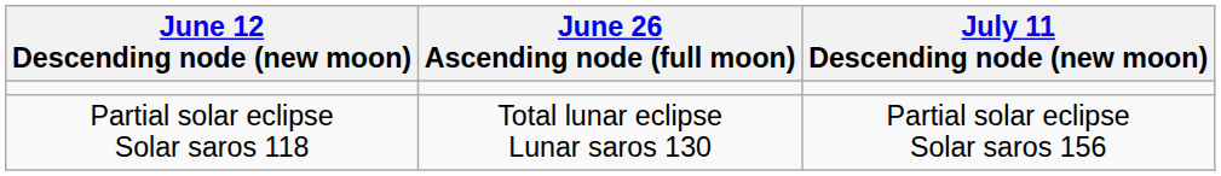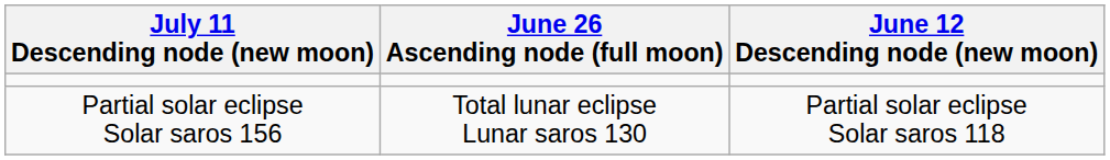 <table class="wikitable">
 <tr>
+<th><a href='#'>July 11</a><br>Descending node (new moon)</th>
+<th><a href='#'>June 26</a><br>Ascending node (full moon)</th>
 <th><a href='#'>June 12</a><br>Descending node (new moon)</th>
-<th><a href='#'>June 26</a><br>Ascending node (full moon)</th>
-<th><a href='#'>July 11</a><br>Descending node (new moon)</th>
 </tr>
 <tr>
 <td></td>
 <td></td>
 <td></td>
 </tr>
 <tr align=center>
+<td>Partial solar eclipse<br>Solar saros 156</td>
+<td>Total lunar eclipse<br>Lunar saros 130</td>
 <td>Partial solar eclipse<br>Solar saros 118</td>
-<td>Total lunar eclipse<br>Lunar saros 130</td>
-<td>Partial solar eclipse<br>Solar saros 156</td>
 </tr>
 </table>
